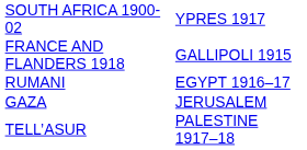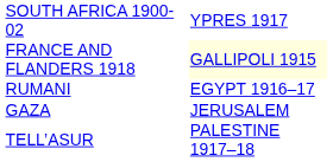 <table cellspacing="0" style="width:50%; margin:auto;">
 <tr>
 <td><a href='#'>SOUTH AFRICA 1900-02</a></td>
 <td><a href='#'>YPRES 1917</a></td>
 </tr>
 <tr>
 <td><a href='#'>FRANCE AND FLANDERS 1918</a></td>
-<td><a href='#'>GALLIPOLI 1915</a></td>
+<td style="background: lightyellow;"><a href='#'>GALLIPOLI 1915</a></td>
 </tr>
 <tr>
 <td><a href='#'>RUMANI</a></td>
 <td><a href='#'>EGYPT 1916–17</a></td>
 </tr>
 <tr>
 <td><a href='#'>GAZA</a></td>
 <td><a href='#'>JERUSALEM</a></td>
 </tr>
 <tr>
 <td><a href='#'>TELL’ASUR</a></td>
 <td><a href='#'>PALESTINE 1917–18</a></td>
 </tr>
 </table>
